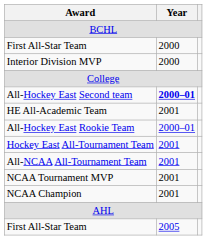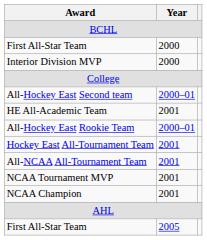 <table class="wikitable">
 <tr>
 <th>Award</th>
 <th>Year</th>
 <th></th>
 </tr>
 <tr ALIGN="center" bgcolor="#e0e0e0">
 <td colspan="3"><a href='#'>BCHL</a></td>
 </tr>
 <tr>
 <td>First All-Star Team</td>
 <td>2000</td>
 <td></td>
 </tr>
 <tr>
 <td>Interior Division MVP</td>
 <td>2000</td>
 <td></td>
 </tr>
 <tr ALIGN="center" bgcolor="#e0e0e0">
 <td colspan="3"><a href='#'>College</a></td>
 </tr>
 <tr>
 <td>All-<a href='#'>Hockey East</a> <a href='#'>Second team</a></td>
-<td><strong><a href='#'>2000–01</a></strong></td>
+<td><a href='#'>2000–01</a></td>
 <td></td>
 </tr>
 <tr>
 <td>HE All-Academic Team</td>
 <td>2001</td>
 <td></td>
 </tr>
 <tr>
 <td>All-<a href='#'>Hockey East</a> <a href='#'>Rookie Team</a></td>
 <td><a href='#'>2000–01</a></td>
 <td></td>
 </tr>
 <tr>
 <td><a href='#'>Hockey East</a> <a href='#'>All-Tournament Team</a></td>
 <td><a href='#'>2001</a></td>
 <td></td>
 </tr>
 <tr>
 <td>All-<a href='#'>NCAA</a> <a href='#'>All-Tournament Team</a></td>
 <td><a href='#'>2001</a></td>
 <td></td>
 </tr>
 <tr>
 <td>NCAA Tournament MVP</td>
 <td>2001</td>
 <td></td>
 </tr>
 <tr>
 <td>NCAA Champion</td>
 <td>2001</td>
 <td></td>
 </tr>
 <tr ALIGN="center" bgcolor="#e0e0e0">
 <td colspan="3"><a href='#'>AHL</a></td>
 </tr>
 <tr>
 <td>First All-Star Team</td>
 <td><a href='#'>2005</a></td>
 <td></td>
 </tr>
 </table>
